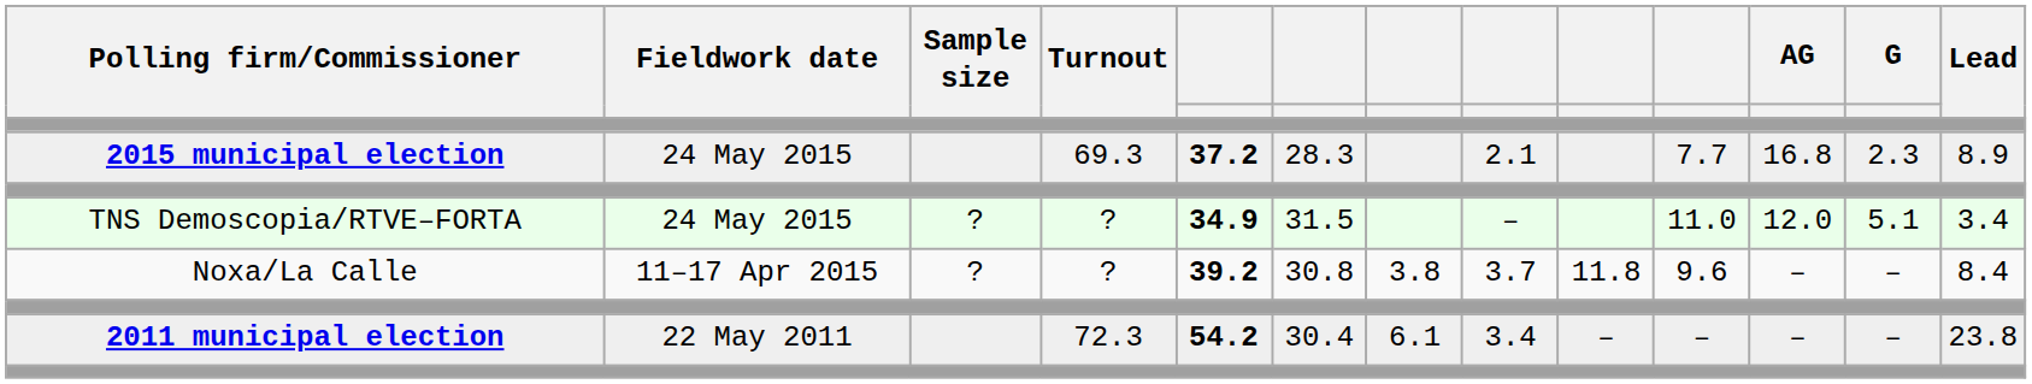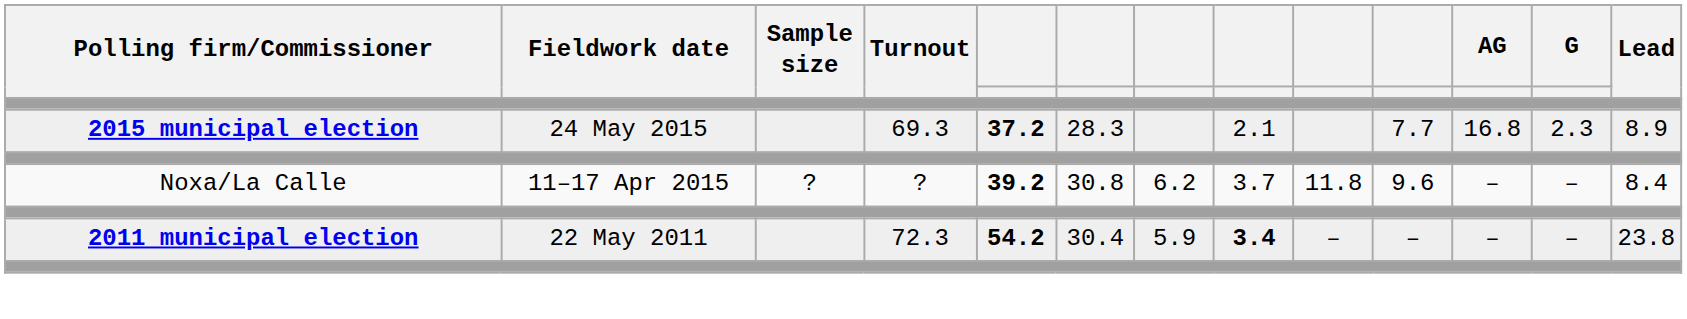 <table class="wikitable collapsible collapsed" style="text-align:center; font-size:95%; line-height:16px;">
 <tr style="height:42px;">
 <th style="width:250px;" rowspan="2">Polling firm/Commissioner</th>
 <th style="width:125px;" rowspan="2">Fieldwork date</th>
 <th style="width:50px;" rowspan="2">Sample size</th>
 <th style="width:45px;" rowspan="2">Turnout</th>
 <th style="width:35px;"></th>
 <th style="width:35px;"></th>
 <th style="width:35px;"></th>
 <th style="width:35px;"></th>
 <th style="width:35px;"></th>
 <th style="width:35px;"></th>
 <th style="width:35px;">AG</th>
 <th style="width:35px;">G</th>
 <th style="width:30px;" rowspan="2">Lead</th>
 </tr>
 <tr>
 <th style="color:inherit;background:"></th>
 <th style="color:inherit;background:"></th>
 <th style="color:inherit;background:"></th>
 <th style="color:inherit;background:"></th>
 <th style="color:inherit;background:"></th>
 <th style="color:inherit;background:"></th>
 <th style="color:inherit;background:"></th>
 <th style="color:inherit;background:"></th>
 </tr>
 <tr>
 <td colspan="13" style="background:#A0A0A0"></td>
 </tr>
 <tr style="background:#EFEFEF;">
 <td><strong><a href='#'>2015 municipal election</a></strong></td>
 <td>24 May 2015</td>
 <td></td>
 <td>69.3</td>
 <td><strong>37.2</strong><br></td>
 <td>28.3<br></td>
 <td></td>
 <td>2.1<br></td>
 <td></td>
 <td>7.7</td>
 <td>16.8<br></td>
 <td>2.3<br></td>
 <td style="background:">8.9</td>
 </tr>
 <tr>
 <td colspan="13" style="background:#A0A0A0"></td>
 </tr>
-<tr style="background:#EAFFEA;">
-<td>TNS Demoscopia/RTVE–FORTA</td>
-<td>24 May 2015</td>
-<td>?</td>
-<td>?</td>
-<td><strong>34.9</strong><br></td>
-<td>31.5<br></td>
-<td></td>
-<td>–</td>
-<td></td>
-<td>11.0<br></td>
-<td>12.0<br></td>
-<td>5.1<br></td>
-<td style="background:">3.4</td>
-</tr>
 <tr>
 <td>Noxa/La Calle</td>
 <td>11–17 Apr 2015</td>
 <td>?</td>
 <td>?</td>
 <td><strong>39.2</strong></td>
 <td>30.8</td>
-<td>3.8</td>
+<td>6.2</td>
 <td>3.7</td>
 <td>11.8</td>
 <td>9.6<br></td>
 <td>–</td>
 <td>–</td>
 <td style="background:">8.4</td>
 </tr>
 <tr>
 <td colspan="13" style="background:#A0A0A0"></td>
 </tr>
 <tr style="background:#EFEFEF;">
 <td><strong><a href='#'>2011 municipal election</a></strong></td>
 <td>22 May 2011</td>
 <td></td>
 <td>72.3</td>
 <td><strong>54.2</strong><br></td>
 <td>30.4<br></td>
-<td>6.1<br></td>
-<td>3.4<br></td>
+<td>5.9<br></td>
+<td><strong>3.4<br></strong></td>
 <td>–</td>
 <td>–</td>
 <td>–</td>
 <td>–</td>
 <td style="background:">23.8</td>
 </tr>
 <tr>
 <td colspan="13" style="background:#A0A0A0"></td>
 </tr>
 </table>
